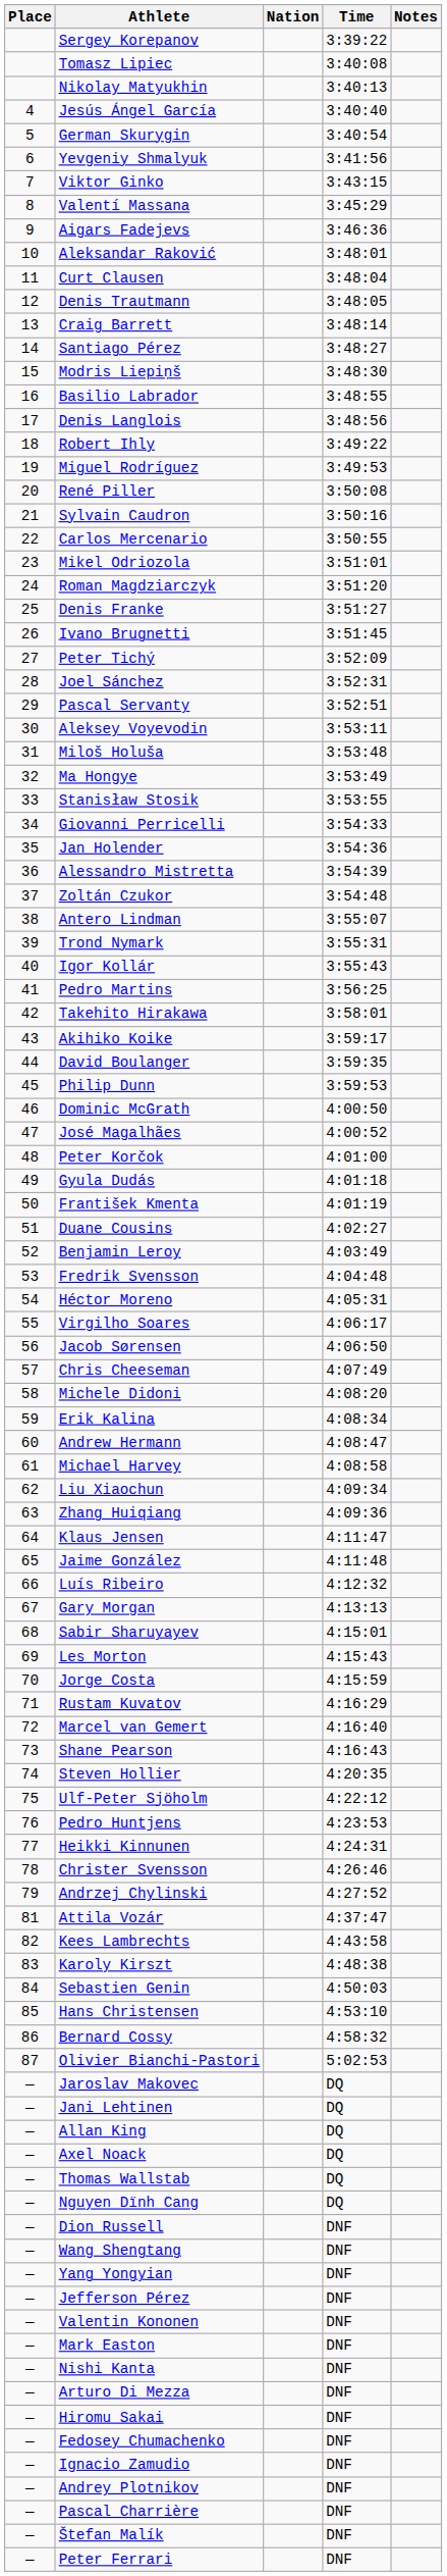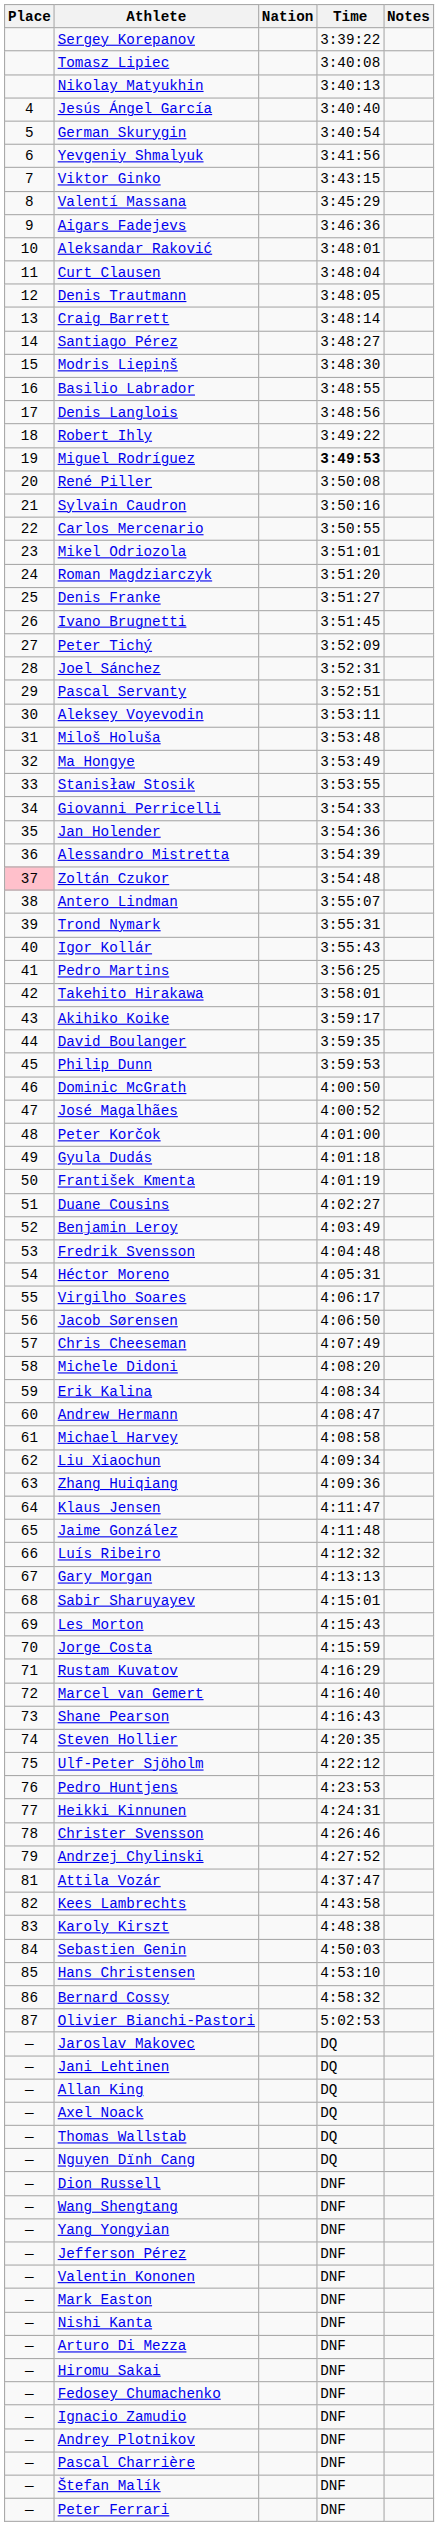 <table class=wikitable>
 <tr>
 <th>Place</th>
 <th>Athlete</th>
 <th>Nation</th>
 <th>Time</th>
 <th>Notes</th>
 </tr>
 <tr>
 <td align=center></td>
 <td><a href='#'>Sergey Korepanov</a></td>
 <td></td>
 <td>3:39:22</td>
 <td> </td>
 </tr>
 <tr>
 <td align=center></td>
 <td><a href='#'>Tomasz Lipiec</a></td>
 <td></td>
 <td>3:40:08</td>
 <td> </td>
 </tr>
 <tr>
 <td align=center></td>
 <td><a href='#'>Nikolay Matyukhin</a></td>
 <td></td>
 <td>3:40:13</td>
 <td> </td>
 </tr>
 <tr>
 <td align=center>4</td>
 <td><a href='#'>Jesús Ángel García</a></td>
 <td></td>
 <td>3:40:40</td>
 <td> </td>
 </tr>
 <tr>
 <td align=center>5</td>
 <td><a href='#'>German Skurygin</a></td>
 <td></td>
 <td>3:40:54</td>
 <td> </td>
 </tr>
 <tr>
 <td align=center>6</td>
 <td><a href='#'>Yevgeniy Shmalyuk</a></td>
 <td></td>
 <td>3:41:56</td>
 <td> </td>
 </tr>
 <tr>
 <td align=center>7</td>
 <td><a href='#'>Viktor Ginko</a></td>
 <td></td>
 <td>3:43:15</td>
 <td> </td>
 </tr>
 <tr>
 <td align=center>8</td>
 <td><a href='#'>Valentí Massana</a></td>
 <td></td>
 <td>3:45:29</td>
 <td> </td>
 </tr>
 <tr>
 <td align=center>9</td>
 <td><a href='#'>Aigars Fadejevs</a></td>
 <td></td>
 <td>3:46:36</td>
 <td> </td>
 </tr>
 <tr>
 <td align=center>10</td>
 <td><a href='#'>Aleksandar Raković</a></td>
 <td></td>
 <td>3:48:01</td>
 <td> </td>
 </tr>
 <tr>
 <td align=center>11</td>
 <td><a href='#'>Curt Clausen</a></td>
 <td></td>
 <td>3:48:04</td>
 <td> </td>
 </tr>
 <tr>
 <td align=center>12</td>
 <td><a href='#'>Denis Trautmann</a></td>
 <td></td>
 <td>3:48:05</td>
 <td> </td>
 </tr>
 <tr>
 <td align=center>13</td>
 <td><a href='#'>Craig Barrett</a></td>
 <td></td>
 <td>3:48:14</td>
 <td> </td>
 </tr>
 <tr>
 <td align=center>14</td>
 <td><a href='#'>Santiago Pérez</a></td>
 <td></td>
 <td>3:48:27</td>
 <td> </td>
 </tr>
 <tr>
 <td align=center>15</td>
 <td><a href='#'>Modris Liepiņš</a></td>
 <td></td>
 <td>3:48:30</td>
 <td> </td>
 </tr>
 <tr>
 <td align=center>16</td>
 <td><a href='#'>Basilio Labrador</a></td>
 <td></td>
 <td>3:48:55</td>
 <td> </td>
 </tr>
 <tr>
 <td align=center>17</td>
 <td><a href='#'>Denis Langlois</a></td>
 <td></td>
 <td>3:48:56</td>
 <td> </td>
 </tr>
 <tr>
 <td align=center>18</td>
 <td><a href='#'>Robert Ihly</a></td>
 <td></td>
 <td>3:49:22</td>
 <td> </td>
 </tr>
 <tr>
 <td align=center>19</td>
 <td><a href='#'>Miguel Rodríguez</a></td>
 <td></td>
-<td>3:49:53</td>
+<td><strong>3:49:53</strong></td>
 <td> </td>
 </tr>
 <tr>
 <td align=center>20</td>
 <td><a href='#'>René Piller</a></td>
 <td></td>
 <td>3:50:08</td>
 <td> </td>
 </tr>
 <tr>
 <td align=center>21</td>
 <td><a href='#'>Sylvain Caudron</a></td>
 <td></td>
 <td>3:50:16</td>
 <td></td>
 </tr>
 <tr>
 <td align=center>22</td>
 <td><a href='#'>Carlos Mercenario</a></td>
 <td></td>
 <td>3:50:55</td>
 <td></td>
 </tr>
 <tr>
 <td align=center>23</td>
 <td><a href='#'>Mikel Odriozola</a></td>
 <td></td>
 <td>3:51:01</td>
 <td></td>
 </tr>
 <tr>
 <td align=center>24</td>
 <td><a href='#'>Roman Magdziarczyk</a></td>
 <td></td>
 <td>3:51:20</td>
 <td></td>
 </tr>
 <tr>
 <td align=center>25</td>
 <td><a href='#'>Denis Franke</a></td>
 <td></td>
 <td>3:51:27</td>
 <td></td>
 </tr>
 <tr>
 <td align=center>26</td>
 <td><a href='#'>Ivano Brugnetti</a></td>
 <td></td>
 <td>3:51:45</td>
 <td></td>
 </tr>
 <tr>
 <td align=center>27</td>
 <td><a href='#'>Peter Tichý</a></td>
 <td></td>
 <td>3:52:09</td>
 <td></td>
 </tr>
 <tr>
 <td align=center>28</td>
 <td><a href='#'>Joel Sánchez</a></td>
 <td></td>
 <td>3:52:31</td>
 <td></td>
 </tr>
 <tr>
 <td align=center>29</td>
 <td><a href='#'>Pascal Servanty</a></td>
 <td></td>
 <td>3:52:51</td>
 <td></td>
 </tr>
 <tr>
 <td align=center>30</td>
 <td><a href='#'>Aleksey Voyevodin</a></td>
 <td></td>
 <td>3:53:11</td>
 <td></td>
 </tr>
 <tr>
 <td align=center>31</td>
 <td><a href='#'>Miloš Holuša</a></td>
 <td></td>
 <td>3:53:48</td>
 <td></td>
 </tr>
 <tr>
 <td align=center>32</td>
 <td><a href='#'>Ma Hongye</a></td>
 <td></td>
 <td>3:53:49</td>
 <td></td>
 </tr>
 <tr>
 <td align=center>33</td>
 <td><a href='#'>Stanisław Stosik</a></td>
 <td></td>
 <td>3:53:55</td>
 <td></td>
 </tr>
 <tr>
 <td align=center>34</td>
 <td><a href='#'>Giovanni Perricelli</a></td>
 <td></td>
 <td>3:54:33</td>
 <td></td>
 </tr>
 <tr>
 <td align=center>35</td>
 <td><a href='#'>Jan Holender</a></td>
 <td></td>
 <td>3:54:36</td>
 <td></td>
 </tr>
 <tr>
 <td align=center>36</td>
 <td><a href='#'>Alessandro Mistretta</a></td>
 <td></td>
 <td>3:54:39</td>
 <td></td>
 </tr>
 <tr>
-<td align=center>37</td>
+<td align=center style="background: pink;">37</td>
 <td><a href='#'>Zoltán Czukor</a></td>
 <td></td>
 <td>3:54:48</td>
 <td></td>
 </tr>
 <tr>
 <td align=center>38</td>
 <td><a href='#'>Antero Lindman</a></td>
 <td></td>
 <td>3:55:07</td>
 <td></td>
 </tr>
 <tr>
 <td align=center>39</td>
 <td><a href='#'>Trond Nymark</a></td>
 <td></td>
 <td>3:55:31</td>
 <td></td>
 </tr>
 <tr>
 <td align=center>40</td>
 <td><a href='#'>Igor Kollár</a></td>
 <td></td>
 <td>3:55:43</td>
 <td></td>
 </tr>
 <tr>
 <td align=center>41</td>
 <td><a href='#'>Pedro Martins</a></td>
 <td></td>
 <td>3:56:25</td>
 <td></td>
 </tr>
 <tr>
 <td align=center>42</td>
 <td><a href='#'>Takehito Hirakawa</a></td>
 <td></td>
 <td>3:58:01</td>
 <td></td>
 </tr>
 <tr>
 <td align=center>43</td>
 <td><a href='#'>Akihiko Koike</a></td>
 <td></td>
 <td>3:59:17</td>
 <td></td>
 </tr>
 <tr>
 <td align=center>44</td>
 <td><a href='#'>David Boulanger</a></td>
 <td></td>
 <td>3:59:35</td>
 <td></td>
 </tr>
 <tr>
 <td align=center>45</td>
 <td><a href='#'>Philip Dunn</a></td>
 <td></td>
 <td>3:59:53</td>
 <td></td>
 </tr>
 <tr>
 <td align=center>46</td>
 <td><a href='#'>Dominic McGrath</a></td>
 <td></td>
 <td>4:00:50</td>
 <td></td>
 </tr>
 <tr>
 <td align=center>47</td>
 <td><a href='#'>José Magalhães</a></td>
 <td></td>
 <td>4:00:52</td>
 <td></td>
 </tr>
 <tr>
 <td align=center>48</td>
 <td><a href='#'>Peter Korčok</a></td>
 <td></td>
 <td>4:01:00</td>
 <td></td>
 </tr>
 <tr>
 <td align=center>49</td>
 <td><a href='#'>Gyula Dudás</a></td>
 <td></td>
 <td>4:01:18</td>
 <td></td>
 </tr>
 <tr>
 <td align=center>50</td>
 <td><a href='#'>František Kmenta</a></td>
 <td></td>
 <td>4:01:19</td>
 <td></td>
 </tr>
 <tr>
 <td align=center>51</td>
 <td><a href='#'>Duane Cousins</a></td>
 <td></td>
 <td>4:02:27</td>
 <td></td>
 </tr>
 <tr>
 <td align=center>52</td>
 <td><a href='#'>Benjamin Leroy</a></td>
 <td></td>
 <td>4:03:49</td>
 <td></td>
 </tr>
 <tr>
 <td align=center>53</td>
 <td><a href='#'>Fredrik Svensson</a></td>
 <td></td>
 <td>4:04:48</td>
 <td></td>
 </tr>
 <tr>
 <td align=center>54</td>
 <td><a href='#'>Héctor Moreno</a></td>
 <td></td>
 <td>4:05:31</td>
 <td></td>
 </tr>
 <tr>
 <td align=center>55</td>
 <td><a href='#'>Virgilho Soares</a></td>
 <td></td>
 <td>4:06:17</td>
 <td></td>
 </tr>
 <tr>
 <td align=center>56</td>
 <td><a href='#'>Jacob Sørensen</a></td>
 <td></td>
 <td>4:06:50</td>
 <td></td>
 </tr>
 <tr>
 <td align=center>57</td>
 <td><a href='#'>Chris Cheeseman</a></td>
 <td></td>
 <td>4:07:49</td>
 <td></td>
 </tr>
 <tr>
 <td align=center>58</td>
 <td><a href='#'>Michele Didoni</a></td>
 <td></td>
 <td>4:08:20</td>
 <td></td>
 </tr>
 <tr>
 <td align=center>59</td>
 <td><a href='#'>Erik Kalina</a></td>
 <td></td>
 <td>4:08:34</td>
 <td></td>
 </tr>
 <tr>
 <td align=center>60</td>
 <td><a href='#'>Andrew Hermann</a></td>
 <td></td>
 <td>4:08:47</td>
 <td></td>
 </tr>
 <tr>
 <td align=center>61</td>
 <td><a href='#'>Michael Harvey</a></td>
 <td></td>
 <td>4:08:58</td>
 <td></td>
 </tr>
 <tr>
 <td align=center>62</td>
 <td><a href='#'>Liu Xiaochun</a></td>
 <td></td>
 <td>4:09:34</td>
 <td></td>
 </tr>
 <tr>
 <td align=center>63</td>
 <td><a href='#'>Zhang Huiqiang</a></td>
 <td></td>
 <td>4:09:36</td>
 <td></td>
 </tr>
 <tr>
 <td align=center>64</td>
 <td><a href='#'>Klaus Jensen</a></td>
 <td></td>
 <td>4:11:47</td>
 <td></td>
 </tr>
 <tr>
 <td align=center>65</td>
 <td><a href='#'>Jaime González</a></td>
 <td></td>
 <td>4:11:48</td>
 <td></td>
 </tr>
 <tr>
 <td align=center>66</td>
 <td><a href='#'>Luís Ribeiro</a></td>
 <td></td>
 <td>4:12:32</td>
 <td></td>
 </tr>
 <tr>
 <td align=center>67</td>
 <td><a href='#'>Gary Morgan</a></td>
 <td></td>
 <td>4:13:13</td>
 <td></td>
 </tr>
 <tr>
 <td align=center>68</td>
 <td><a href='#'>Sabir Sharuyayev</a></td>
 <td></td>
 <td>4:15:01</td>
 <td></td>
 </tr>
 <tr>
 <td align=center>69</td>
 <td><a href='#'>Les Morton</a></td>
 <td></td>
 <td>4:15:43</td>
 <td></td>
 </tr>
 <tr>
 <td align=center>70</td>
 <td><a href='#'>Jorge Costa</a></td>
 <td></td>
 <td>4:15:59</td>
 <td></td>
 </tr>
 <tr>
 <td align=center>71</td>
 <td><a href='#'>Rustam Kuvatov</a></td>
 <td></td>
 <td>4:16:29</td>
 <td></td>
 </tr>
 <tr>
 <td align=center>72</td>
 <td><a href='#'>Marcel van Gemert</a></td>
 <td></td>
 <td>4:16:40</td>
 <td></td>
 </tr>
 <tr>
 <td align=center>73</td>
 <td><a href='#'>Shane Pearson</a></td>
 <td></td>
 <td>4:16:43</td>
 <td></td>
 </tr>
 <tr>
 <td align=center>74</td>
 <td><a href='#'>Steven Hollier</a></td>
 <td></td>
 <td>4:20:35</td>
 <td></td>
 </tr>
 <tr>
 <td align=center>75</td>
 <td><a href='#'>Ulf-Peter Sjöholm</a></td>
 <td></td>
 <td>4:22:12</td>
 <td></td>
 </tr>
 <tr>
 <td align=center>76</td>
 <td><a href='#'>Pedro Huntjens</a></td>
 <td></td>
 <td>4:23:53</td>
 <td></td>
 </tr>
 <tr>
 <td align=center>77</td>
 <td><a href='#'>Heikki Kinnunen</a></td>
 <td></td>
 <td>4:24:31</td>
 <td></td>
 </tr>
 <tr>
 <td align=center>78</td>
 <td><a href='#'>Christer Svensson</a></td>
 <td></td>
 <td>4:26:46</td>
 <td></td>
 </tr>
 <tr>
 <td align=center>79</td>
 <td><a href='#'>Andrzej Chylinski</a></td>
 <td></td>
 <td>4:27:52</td>
 <td></td>
 </tr>
 <tr>
 <td align=center>81</td>
 <td><a href='#'>Attila Vozár</a></td>
 <td></td>
 <td>4:37:47</td>
 <td></td>
 </tr>
 <tr>
 <td align=center>82</td>
 <td><a href='#'>Kees Lambrechts</a></td>
 <td></td>
 <td>4:43:58</td>
 <td></td>
 </tr>
 <tr>
 <td align=center>83</td>
 <td><a href='#'>Karoly Kirszt</a></td>
 <td></td>
 <td>4:48:38</td>
 <td></td>
 </tr>
 <tr>
 <td align=center>84</td>
 <td><a href='#'>Sebastien Genin</a></td>
 <td></td>
 <td>4:50:03</td>
 <td></td>
 </tr>
 <tr>
 <td align=center>85</td>
 <td><a href='#'>Hans Christensen</a></td>
 <td></td>
 <td>4:53:10</td>
 <td></td>
 </tr>
 <tr>
 <td align=center>86</td>
 <td><a href='#'>Bernard Cossy</a></td>
 <td></td>
 <td>4:58:32</td>
 <td></td>
 </tr>
 <tr>
 <td align=center>87</td>
 <td><a href='#'>Olivier Bianchi-Pastori</a></td>
 <td></td>
 <td>5:02:53</td>
 <td></td>
 </tr>
 <tr>
 <td align=center>—</td>
 <td><a href='#'>Jaroslav Makovec</a></td>
 <td></td>
 <td>DQ</td>
 <td></td>
 </tr>
 <tr>
 <td align=center>—</td>
 <td><a href='#'>Jani Lehtinen</a></td>
 <td></td>
 <td>DQ</td>
 <td></td>
 </tr>
 <tr>
 <td align=center>—</td>
 <td><a href='#'>Allan King</a></td>
 <td></td>
 <td>DQ</td>
 <td></td>
 </tr>
 <tr>
 <td align=center>—</td>
 <td><a href='#'>Axel Noack</a></td>
 <td></td>
 <td>DQ</td>
 <td></td>
 </tr>
 <tr>
 <td align=center>—</td>
 <td><a href='#'>Thomas Wallstab</a></td>
 <td></td>
 <td>DQ</td>
 <td></td>
 </tr>
 <tr>
 <td align=center>—</td>
 <td><a href='#'>Nguyen Dïnh Cang</a></td>
 <td></td>
 <td>DQ</td>
 <td></td>
 </tr>
 <tr>
 <td align=center>—</td>
 <td><a href='#'>Dion Russell</a></td>
 <td></td>
 <td>DNF</td>
 <td></td>
 </tr>
 <tr>
 <td align=center>—</td>
 <td><a href='#'>Wang Shengtang</a></td>
 <td></td>
 <td>DNF</td>
 <td></td>
 </tr>
 <tr>
 <td align=center>—</td>
 <td><a href='#'>Yang Yongyian</a></td>
 <td></td>
 <td>DNF</td>
 <td></td>
 </tr>
 <tr>
 <td align=center>—</td>
 <td><a href='#'>Jefferson Pérez</a></td>
 <td></td>
 <td>DNF</td>
 <td></td>
 </tr>
 <tr>
 <td align=center>—</td>
 <td><a href='#'>Valentin Kononen</a></td>
 <td></td>
 <td>DNF</td>
 <td></td>
 </tr>
 <tr>
 <td align=center>—</td>
 <td><a href='#'>Mark Easton</a></td>
 <td></td>
 <td>DNF</td>
 <td></td>
 </tr>
 <tr>
 <td align=center>—</td>
 <td><a href='#'>Nishi Kanta</a></td>
 <td></td>
 <td>DNF</td>
 <td></td>
 </tr>
 <tr>
 <td align=center>—</td>
 <td><a href='#'>Arturo Di Mezza</a></td>
 <td></td>
 <td>DNF</td>
 <td></td>
 </tr>
 <tr>
 <td align=center>—</td>
 <td><a href='#'>Hiromu Sakai</a></td>
 <td></td>
 <td>DNF</td>
 <td></td>
 </tr>
 <tr>
 <td align=center>—</td>
 <td><a href='#'>Fedosey Chumachenko</a></td>
 <td></td>
 <td>DNF</td>
 <td></td>
 </tr>
 <tr>
 <td align=center>—</td>
 <td><a href='#'>Ignacio Zamudio</a></td>
 <td></td>
 <td>DNF</td>
 <td></td>
 </tr>
 <tr>
 <td align=center>—</td>
 <td><a href='#'>Andrey Plotnikov</a></td>
 <td></td>
 <td>DNF</td>
 <td></td>
 </tr>
 <tr>
 <td align=center>—</td>
 <td><a href='#'>Pascal Charrière</a></td>
 <td></td>
 <td>DNF</td>
 <td></td>
 </tr>
 <tr>
 <td align=center>—</td>
 <td><a href='#'>Štefan Malík</a></td>
 <td></td>
 <td>DNF</td>
 <td></td>
 </tr>
 <tr>
 <td align=center>—</td>
 <td><a href='#'>Peter Ferrari</a></td>
 <td></td>
 <td>DNF</td>
 <td></td>
 </tr>
 </table>
